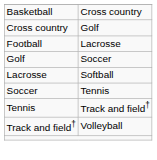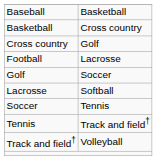 <table class="wikitable">
 <tr>
+</tr>
+<tr>
+<td>Baseball</td>
+<td>Basketball</td>
 </tr>
 <tr>
 <td>Basketball</td>
 <td>Cross country</td>
 </tr>
 <tr>
 <td>Cross country</td>
 <td>Golf</td>
 </tr>
 <tr>
 <td>Football</td>
 <td>Lacrosse</td>
 </tr>
 <tr>
 <td>Golf</td>
 <td>Soccer</td>
 </tr>
 <tr>
 <td>Lacrosse</td>
 <td>Softball</td>
 </tr>
 <tr>
 <td>Soccer</td>
 <td>Tennis</td>
 </tr>
 <tr>
 <td>Tennis</td>
 <td>Track and field<sup>†</sup></td>
 </tr>
 <tr>
 <td>Track and field<sup>†</sup></td>
 <td>Volleyball</td>
 </tr>
 <tr>
 <td colspan="2"></td>
 </tr>
 </table>
